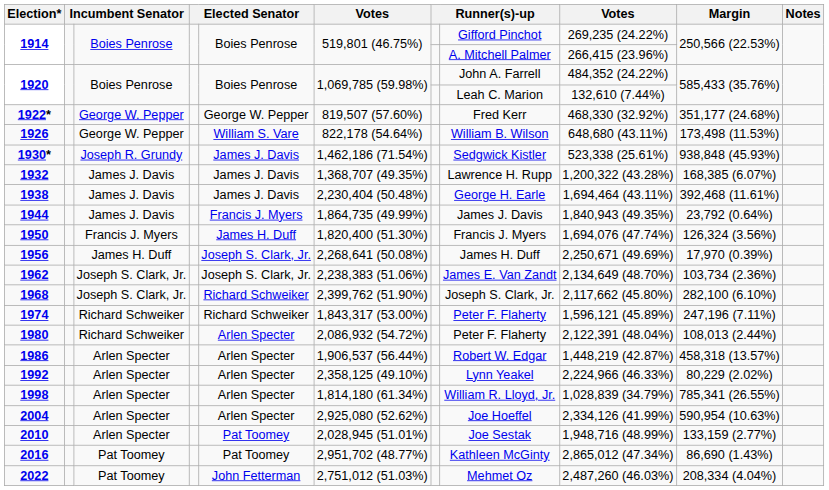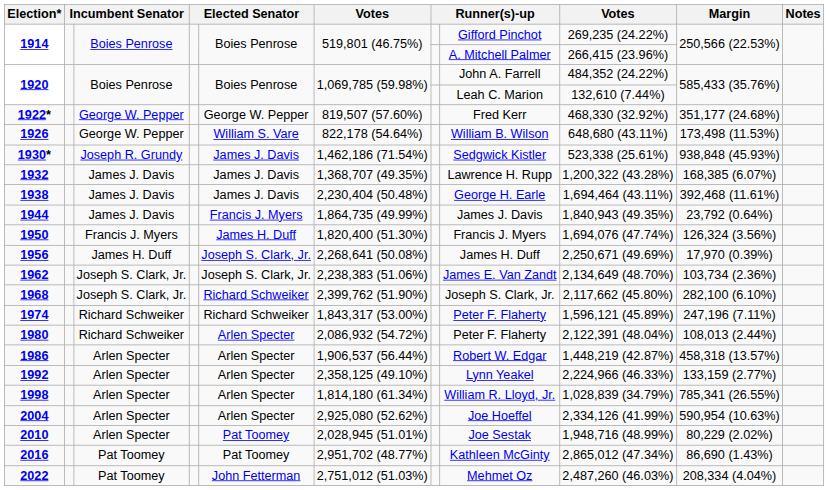 <table class="wikitable" style="text-align: center;">
 <tr>
 <th>Election*</th>
 <th colspan=2>Incumbent Senator</th>
 <th colspan=2>Elected Senator</th>
 <th>Votes</th>
 <th colspan=2>Runner(s)-up</th>
 <th>Votes</th>
 <th>Margin</th>
 <th>Notes</th>
 </tr>
 <tr>
 <th style="background: #FFFFFF;" rowspan=2><strong><a href='#'>1914</a></strong></th>
 <td rowspan=2 style="background: "> </td>
 <td rowspan=2><a href='#'>Boies Penrose</a></td>
 <td rowspan=2 style="background: "> </td>
 <td rowspan=2>Boies Penrose</td>
 <td rowspan=2>519,801 (46.75%)</td>
 <td style="background: "> </td>
 <td><a href='#'>Gifford Pinchot</a></td>
 <td>269,235 (24.22%)</td>
 <td rowspan=2>250,566 (22.53%)</td>
 <td rowspan=2></td>
 </tr>
 <tr>
 <td style="background: "> </td>
 <td><a href='#'>A. Mitchell Palmer</a></td>
 <td>266,415 (23.96%)</td>
 </tr>
 <tr>
 <th style="background: #FFFFFF;" rowspan=2><strong><a href='#'>1920</a></strong></th>
 <td rowspan=2 style="background: "> </td>
 <td rowspan=2>Boies Penrose</td>
 <td rowspan=2 style="background: "> </td>
 <td rowspan=2>Boies Penrose</td>
 <td rowspan=2>1,069,785 (59.98%)</td>
 <td style="background: "> </td>
 <td>John A. Farrell</td>
 <td>484,352 (24.22%)</td>
 <td rowspan=2>585,433 (35.76%)</td>
 <td rowspan=2></td>
 </tr>
 <tr>
 <td style="background: "> </td>
 <td>Leah C. Marion</td>
 <td>132,610 (7.44%)</td>
 </tr>
 <tr>
 <td><strong><a href='#'>1922</a>*</strong></td>
 <td style="background: "> </td>
 <td><a href='#'>George W. Pepper</a></td>
 <td style="background: "> </td>
 <td>George W. Pepper</td>
 <td>819,507 (57.60%)</td>
 <td style="background: "> </td>
 <td>Fred Kerr</td>
 <td>468,330 (32.92%)</td>
 <td>351,177 (24.68%)</td>
 <td><br></td>
 </tr>
 <tr>
 <td><strong><a href='#'>1926</a></strong></td>
 <td style="background: "> </td>
 <td>George W. Pepper</td>
 <td style="background: "> </td>
 <td><a href='#'>William S. Vare</a></td>
 <td>822,178 (54.64%)</td>
 <td style="background: "> </td>
 <td><a href='#'>William B. Wilson</a></td>
 <td>648,680 (43.11%)</td>
 <td>173,498 (11.53%)</td>
 <td></td>
 </tr>
 <tr>
 <td><strong><a href='#'>1930</a>*</strong></td>
 <td style="background: "> </td>
 <td><a href='#'>Joseph R. Grundy</a></td>
 <td style="background: "> </td>
 <td><a href='#'>James J. Davis</a></td>
 <td>1,462,186 (71.54%)</td>
 <td style="background: "> </td>
 <td><a href='#'>Sedgwick Kistler</a></td>
 <td>523,338 (25.61%)</td>
 <td>938,848 (45.93%)</td>
 <td><br></td>
 </tr>
 <tr>
 <td><strong><a href='#'>1932</a></strong></td>
 <td style="background: "> </td>
 <td>James J. Davis</td>
 <td style="background: "> </td>
 <td>James J. Davis</td>
 <td>1,368,707 (49.35%)</td>
 <td style="background: "> </td>
 <td>Lawrence H. Rupp</td>
 <td>1,200,322 (43.28%)</td>
 <td>168,385 (6.07%)</td>
 <td></td>
 </tr>
 <tr>
 <td><strong><a href='#'>1938</a></strong></td>
 <td style="background: "> </td>
 <td>James J. Davis</td>
 <td style="background: "> </td>
 <td>James J. Davis</td>
 <td>2,230,404 (50.48%)</td>
 <td style="background: "> </td>
 <td><a href='#'>George H. Earle</a></td>
 <td>1,694,464 (43.11%)</td>
 <td>392,468 (11.61%)</td>
 <td></td>
 </tr>
 <tr>
 <td><strong><a href='#'>1944</a></strong></td>
 <td style="background: "> </td>
 <td>James J. Davis</td>
 <td style="background: "> </td>
 <td><a href='#'>Francis J. Myers</a></td>
 <td>1,864,735 (49.99%)</td>
 <td style="background: "> </td>
 <td>James J. Davis</td>
 <td>1,840,943 (49.35%)</td>
 <td>23,792 (0.64%)</td>
 <td></td>
 </tr>
 <tr>
 <td><strong><a href='#'>1950</a></strong></td>
 <td style="background: "> </td>
 <td>Francis J. Myers</td>
 <td style="background: "> </td>
 <td><a href='#'>James H. Duff</a></td>
 <td>1,820,400 (51.30%)</td>
 <td style="background: "> </td>
 <td>Francis J. Myers</td>
 <td>1,694,076 (47.74%)</td>
 <td>126,324 (3.56%)</td>
 <td></td>
 </tr>
 <tr>
 <td><strong><a href='#'>1956</a></strong></td>
 <td style="background: "> </td>
 <td>James H. Duff</td>
 <td style="background: "> </td>
 <td><a href='#'>Joseph S. Clark, Jr.</a></td>
 <td>2,268,641 (50.08%)</td>
 <td style="background: "> </td>
 <td>James H. Duff</td>
 <td>2,250,671 (49.69%)</td>
 <td>17,970 (0.39%)</td>
 <td></td>
 </tr>
 <tr>
 <td><strong><a href='#'>1962</a></strong></td>
 <td style="background: "> </td>
 <td>Joseph S. Clark, Jr.</td>
 <td style="background: "> </td>
 <td>Joseph S. Clark, Jr.</td>
 <td>2,238,383 (51.06%)</td>
 <td style="background: "> </td>
 <td><a href='#'>James E. Van Zandt</a></td>
 <td>2,134,649 (48.70%)</td>
 <td>103,734 (2.36%)</td>
 <td></td>
 </tr>
 <tr>
 <td><strong><a href='#'>1968</a></strong></td>
 <td style="background: "> </td>
 <td>Joseph S. Clark, Jr.</td>
 <td style="background: "> </td>
 <td><a href='#'>Richard Schweiker</a></td>
 <td>2,399,762 (51.90%)</td>
 <td style="background: "> </td>
 <td>Joseph S. Clark, Jr.</td>
 <td>2,117,662 (45.80%)</td>
 <td>282,100 (6.10%)</td>
 <td></td>
 </tr>
 <tr>
 <td><strong><a href='#'>1974</a></strong></td>
 <td style="background: "> </td>
 <td>Richard Schweiker</td>
 <td style="background: "> </td>
 <td>Richard Schweiker</td>
 <td>1,843,317 (53.00%)</td>
 <td style="background: "> </td>
 <td><a href='#'>Peter F. Flaherty</a></td>
 <td>1,596,121 (45.89%)</td>
 <td>247,196 (7.11%)</td>
 <td></td>
 </tr>
 <tr>
 <td><strong><a href='#'>1980</a></strong></td>
 <td style="background: "> </td>
 <td>Richard Schweiker</td>
 <td style="background: "> </td>
 <td><a href='#'>Arlen Specter</a></td>
 <td>2,086,932 (54.72%)</td>
 <td style="background: "> </td>
 <td>Peter F. Flaherty</td>
 <td>2,122,391 (48.04%)</td>
 <td>108,013 (2.44%)</td>
 <td></td>
 </tr>
 <tr>
 <td><strong><a href='#'>1986</a></strong></td>
 <td style="background: "> </td>
 <td>Arlen Specter</td>
 <td style="background: "> </td>
 <td>Arlen Specter</td>
 <td>1,906,537 (56.44%)</td>
 <td style="background: "> </td>
 <td><a href='#'>Robert W. Edgar</a></td>
 <td>1,448,219 (42.87%)</td>
 <td>458,318 (13.57%)</td>
 <td></td>
 </tr>
 <tr>
 <td><strong><a href='#'>1992</a></strong></td>
 <td style="background: "> </td>
 <td>Arlen Specter</td>
 <td style="background: "> </td>
 <td>Arlen Specter</td>
 <td>2,358,125 (49.10%)</td>
 <td style="background: "> </td>
 <td><a href='#'>Lynn Yeakel</a></td>
 <td>2,224,966 (46.33%)</td>
-<td>80,229 (2.02%)</td>
+<td>133,159 (2.77%)</td>
 <td></td>
 </tr>
 <tr>
 <td><strong><a href='#'>1998</a></strong></td>
 <td style="background: "> </td>
 <td>Arlen Specter</td>
 <td style="background: "> </td>
 <td>Arlen Specter</td>
 <td>1,814,180 (61.34%)</td>
 <td style="background: "> </td>
 <td><a href='#'>William R. Lloyd, Jr.</a></td>
 <td>1,028,839 (34.79%)</td>
 <td>785,341 (26.55%)</td>
 <td></td>
 </tr>
 <tr>
 <td><strong><a href='#'>2004</a></strong></td>
 <td style="background: "> </td>
 <td>Arlen Specter</td>
 <td style="background: "> </td>
 <td>Arlen Specter</td>
 <td>2,925,080 (52.62%)</td>
 <td style="background: "> </td>
 <td><a href='#'>Joe Hoeffel</a></td>
 <td>2,334,126 (41.99%)</td>
 <td>590,954 (10.63%)</td>
 <td></td>
 </tr>
 <tr>
 <td><strong><a href='#'>2010</a></strong></td>
 <td style="background: "> </td>
 <td>Arlen Specter</td>
 <td style="background: "> </td>
 <td><a href='#'>Pat Toomey</a></td>
 <td>2,028,945 (51.01%)</td>
 <td style="background: "> </td>
 <td><a href='#'>Joe Sestak</a></td>
 <td>1,948,716 (48.99%)</td>
-<td>133,159 (2.77%)</td>
+<td>80,229 (2.02%)</td>
 <td><br></td>
 </tr>
 <tr>
 <td><strong><a href='#'>2016</a></strong></td>
 <td style="background: "> </td>
 <td>Pat Toomey</td>
 <td style="background: "> </td>
 <td>Pat Toomey</td>
 <td>2,951,702 (48.77%)</td>
 <td style="background: "> </td>
 <td><a href='#'>Kathleen McGinty</a></td>
 <td>2,865,012 (47.34%)</td>
 <td>86,690 (1.43%)</td>
 <td></td>
 </tr>
 <tr>
 <td><strong><a href='#'>2022</a></strong></td>
 <td style="background: "> </td>
 <td>Pat Toomey</td>
 <td style="background: "> </td>
 <td><a href='#'>John Fetterman</a></td>
 <td>2,751,012 (51.03%)</td>
 <td style="background: "> </td>
 <td><a href='#'>Mehmet Oz</a></td>
 <td>2,487,260 (46.03%)</td>
 <td>208,334 (4.04%)</td>
 <td></td>
 </tr>
 </table>
